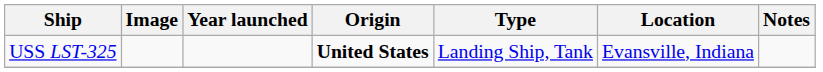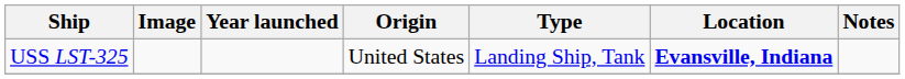 <table class="wikitable sortable">
 <tr>
 <th>Ship</th>
 <th>Image</th>
 <th>Year launched</th>
 <th>Origin</th>
 <th>Type</th>
 <th>Location</th>
 <th>Notes</th>
 </tr>
 <tr>
 <td data-sort-value=LST-325><a href='#'>USS <em>LST-325</em></a></td>
 <td></td>
 <td></td>
-<td><strong> United States</strong></td>
+<td> United States</td>
 <td><a href='#'>Landing Ship, Tank</a></td>
-<td><a href='#'>Evansville, Indiana</a><br></td>
+<td><strong><a href='#'>Evansville, Indiana</a><br></strong></td>
 <td></td>
 </tr>
 <tr>
 </tr>
 </table>
